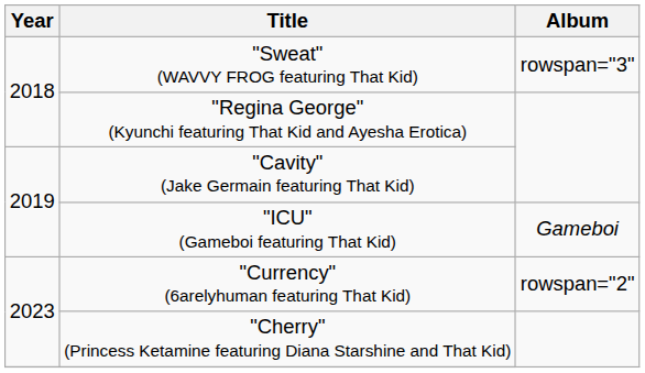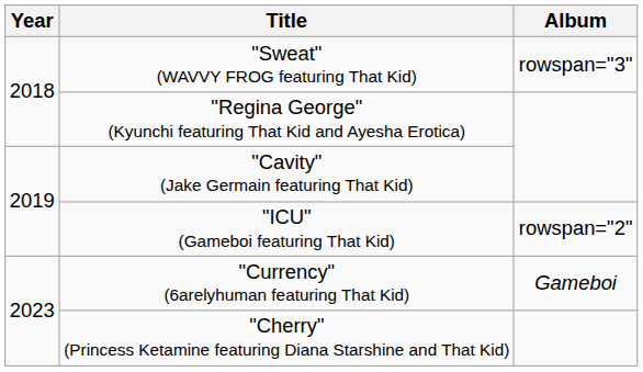 <table class="wikitable plainrowheaders" style="text-align:center;">
 <tr>
 <th>Year</th>
 <th>Title</th>
 <th>Album</th>
 </tr>
 <tr>
 <td rowspan="2">2018</td>
 <td>"Sweat"<br><small>(WAVVY FROG featuring That Kid)</small></td>
 <td>rowspan="3" </td>
 </tr>
 <tr>
 <td>"Regina George"<br><small>(Kyunchi featuring That Kid and Ayesha Erotica)</small></td>
 </tr>
 <tr>
 <td rowspan="2">2019</td>
 <td>"Cavity"<br><small>(Jake Germain featuring That Kid)</small></td>
 </tr>
 <tr>
 <td>"ICU"<br><small>(Gameboi featuring That Kid)</small></td>
-<td><em>Gameboi</em></td>
+<td>rowspan="2" </td>
 </tr>
 <tr>
 <td rowspan="2">2023</td>
 <td>"Currency"<br><small>(6arelyhuman featuring That Kid)</small></td>
-<td>rowspan="2" </td>
+<td><em>Gameboi</em></td>
 </tr>
 <tr>
 <td>"Cherry"<br><small>(Princess Ketamine featuring Diana Starshine and That Kid)</small></td>
 </tr>
 <tr>
 </tr>
 </table>
